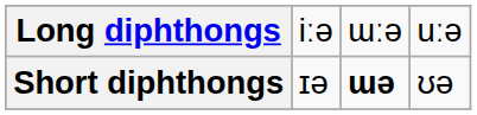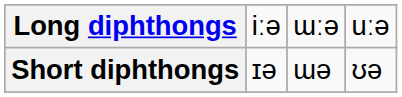 <table class="wikitable">
 <tr>
 <th>Long <a href='#'>diphthongs</a></th>
 <td>iːə</td>
 <td>ɯːə</td>
 <td>uːə</td>
 </tr>
 <tr>
 <th>Short diphthongs</th>
 <td>ɪə</td>
-<td><strong>ɯə</strong></td>
+<td>ɯə</td>
 <td>ʊə</td>
 </tr>
 </table>
